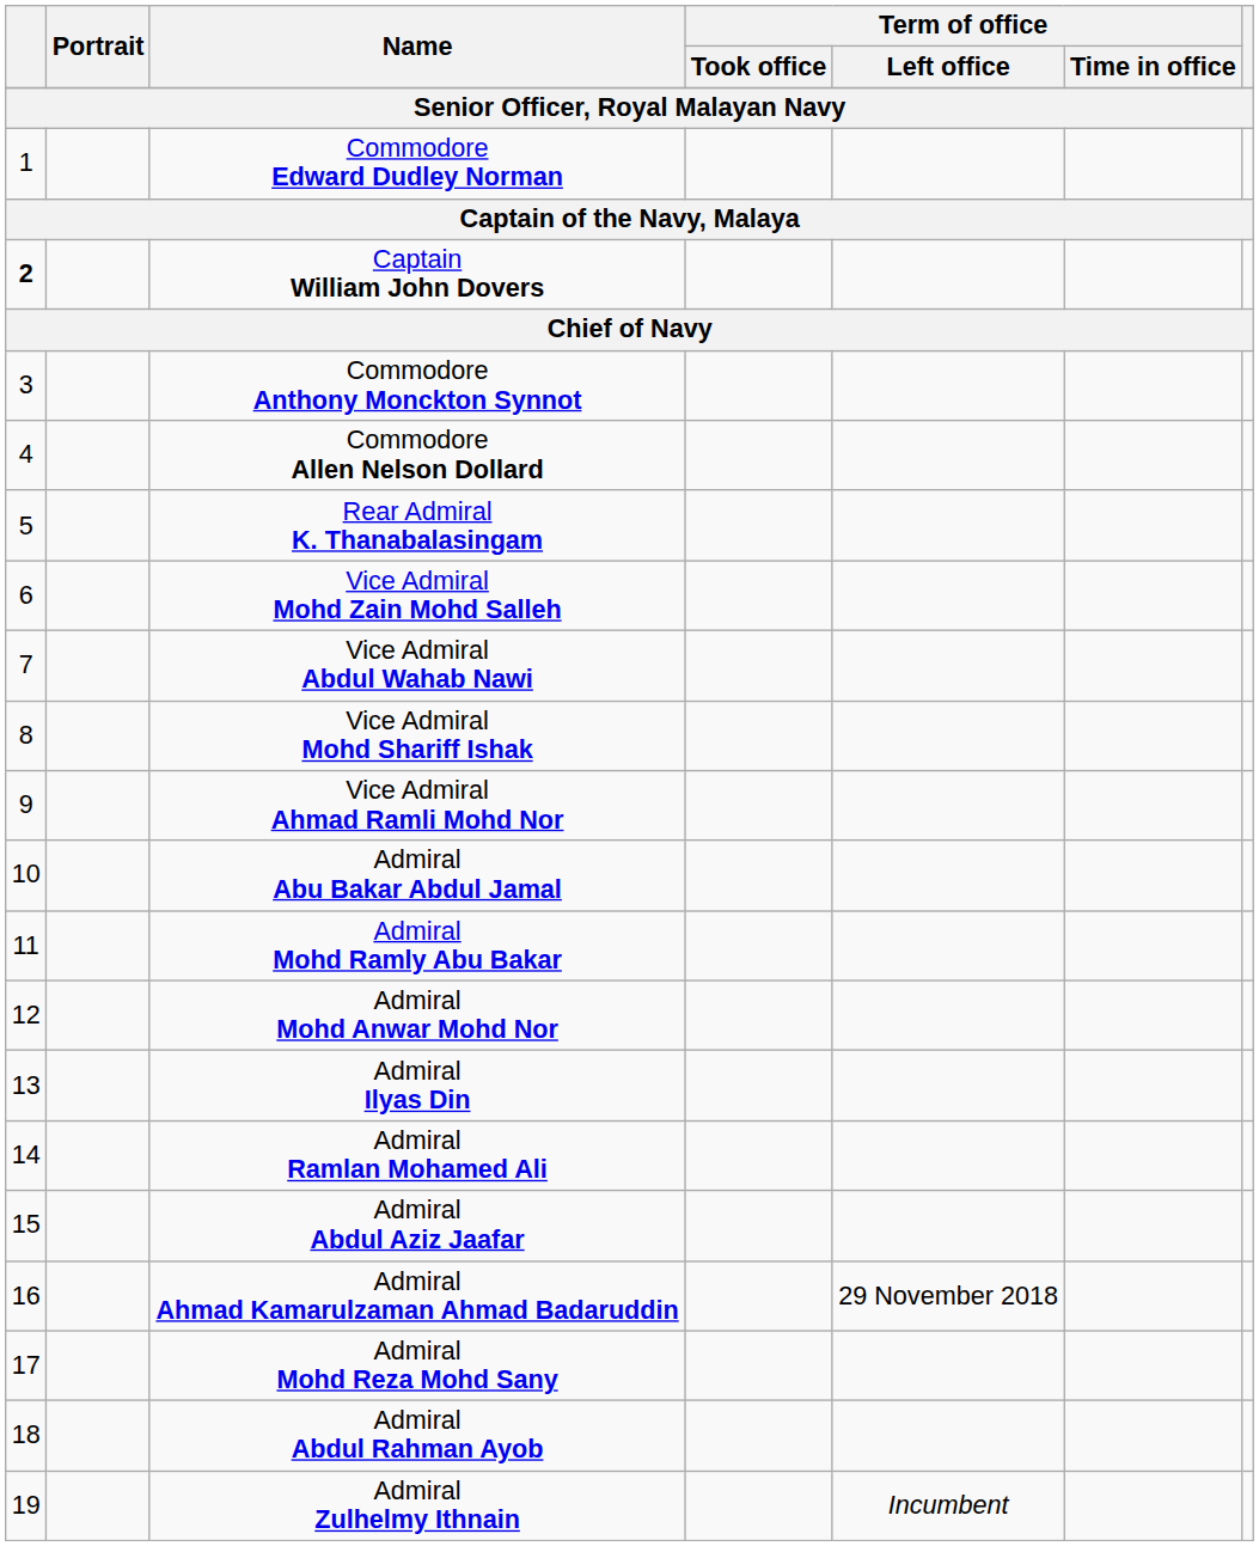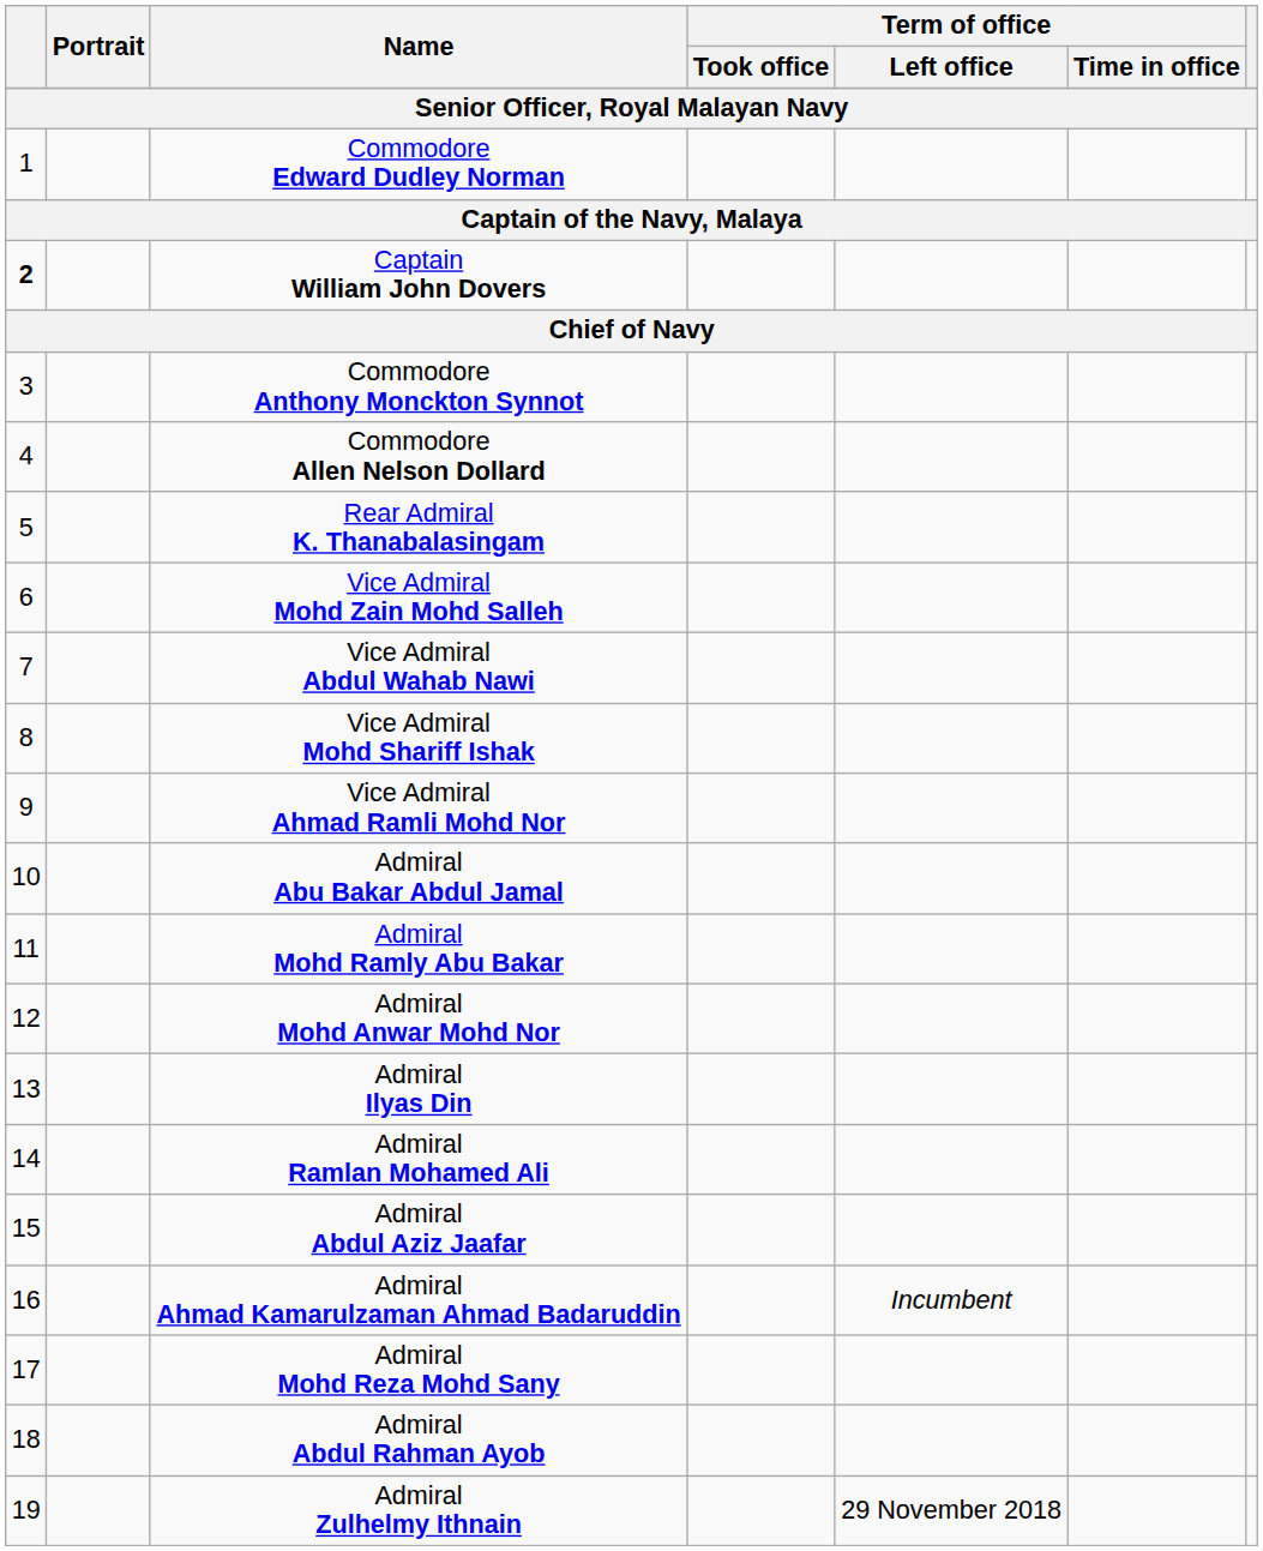 <table class="wikitable" style="text-align:center">
 <tr>
 <th rowspan=2></th>
 <th rowspan=2>Portrait</th>
 <th rowspan=2>Name<br></th>
 <th colspan=3>Term of office</th>
 <th rowspan=2></th>
 </tr>
 <tr>
 <th>Took office</th>
 <th>Left office</th>
 <th>Time in office</th>
 </tr>
 <tr>
 </tr>
 <tr>
 <th colspan=7>Senior Officer, Royal Malayan Navy</th>
 </tr>
 <tr>
 <td>1</td>
 <td></td>
 <td><a href='#'>Commodore</a><br><strong><a href='#'>Edward Dudley Norman</a></strong><br></td>
 <td></td>
 <td></td>
 <td></td>
 <td></td>
 </tr>
 <tr>
 <th colspan=7>Captain of the Navy, Malaya</th>
 </tr>
 <tr>
 <td><strong>2</strong></td>
 <td></td>
 <td><a href='#'>Captain</a><br><strong>William John Dovers</strong><br></td>
 <td></td>
 <td></td>
 <td></td>
 <td></td>
 </tr>
 <tr>
 <th colspan=7>Chief of Navy</th>
 </tr>
 <tr>
 <td>3</td>
 <td></td>
 <td>Commodore<br><strong><a href='#'>Anthony Monckton Synnot</a></strong><br></td>
 <td></td>
 <td></td>
 <td></td>
 <td></td>
 </tr>
 <tr>
 <td>4</td>
 <td></td>
 <td>Commodore<br><strong>Allen Nelson Dollard</strong><br></td>
 <td></td>
 <td></td>
 <td></td>
 <td></td>
 </tr>
 <tr>
 <td>5</td>
 <td></td>
 <td><a href='#'>Rear Admiral</a> <br><strong><a href='#'>K. Thanabalasingam</a></strong><br></td>
 <td></td>
 <td></td>
 <td></td>
 <td></td>
 </tr>
 <tr>
 <td>6</td>
 <td></td>
 <td><a href='#'>Vice Admiral</a> <br><strong><a href='#'>Mohd Zain Mohd Salleh</a></strong><br></td>
 <td></td>
 <td></td>
 <td></td>
 <td></td>
 </tr>
 <tr>
 <td>7</td>
 <td></td>
 <td>Vice Admiral <br><strong><a href='#'>Abdul Wahab Nawi</a></strong><br></td>
 <td></td>
 <td></td>
 <td></td>
 <td></td>
 </tr>
 <tr>
 <td>8</td>
 <td></td>
 <td>Vice Admiral <br><strong><a href='#'>Mohd Shariff Ishak</a></strong><br></td>
 <td></td>
 <td></td>
 <td></td>
 <td></td>
 </tr>
 <tr>
 <td>9</td>
 <td></td>
 <td>Vice Admiral <br><strong><a href='#'>Ahmad Ramli Mohd Nor</a></strong><br></td>
 <td></td>
 <td></td>
 <td></td>
 <td></td>
 </tr>
 <tr>
 <td>10</td>
 <td></td>
 <td>Admiral <br><strong><a href='#'>Abu Bakar Abdul Jamal</a></strong><br></td>
 <td></td>
 <td></td>
 <td></td>
 <td></td>
 </tr>
 <tr>
 <td>11</td>
 <td></td>
 <td><a href='#'>Admiral</a> <br><strong><a href='#'>Mohd Ramly Abu Bakar</a></strong><br></td>
 <td></td>
 <td></td>
 <td></td>
 <td></td>
 </tr>
 <tr>
 <td>12</td>
 <td></td>
 <td>Admiral <br><strong><a href='#'>Mohd Anwar Mohd Nor</a></strong><br></td>
 <td></td>
 <td></td>
 <td></td>
 <td></td>
 </tr>
 <tr>
 <td>13</td>
 <td></td>
 <td>Admiral <br><strong><a href='#'>Ilyas Din</a></strong><br></td>
 <td></td>
 <td></td>
 <td></td>
 <td></td>
 </tr>
 <tr>
 <td>14</td>
 <td></td>
 <td>Admiral <br><strong><a href='#'>Ramlan Mohamed Ali</a></strong><br></td>
 <td></td>
 <td></td>
 <td></td>
 <td></td>
 </tr>
 <tr>
 <td>15</td>
 <td></td>
 <td>Admiral <br><strong><a href='#'>Abdul Aziz Jaafar</a></strong><br></td>
 <td></td>
 <td></td>
 <td></td>
 <td></td>
 </tr>
 <tr>
 <td>16</td>
 <td></td>
 <td>Admiral <br><strong><a href='#'>Ahmad Kamarulzaman Ahmad Badaruddin</a></strong><br></td>
 <td></td>
-<td>29 November 2018</td>
+<td><em>Incumbent</em></td>
 <td></td>
 <td></td>
 </tr>
 <tr>
 <td>17</td>
 <td></td>
 <td>Admiral <br><strong><a href='#'>Mohd Reza Mohd Sany</a></strong><br></td>
 <td></td>
 <td></td>
 <td></td>
 <td></td>
 </tr>
 <tr>
 <td>18</td>
 <td></td>
 <td>Admiral <br><strong><a href='#'>Abdul Rahman Ayob</a></strong><br></td>
 <td></td>
 <td></td>
 <td></td>
 <td></td>
 </tr>
 <tr>
 <td>19</td>
 <td></td>
 <td>Admiral <br><strong><a href='#'>Zulhelmy Ithnain</a></strong><br></td>
 <td></td>
-<td><em>Incumbent</em></td>
+<td>29 November 2018</td>
 <td></td>
 <td></td>
 </tr>
 </table>
